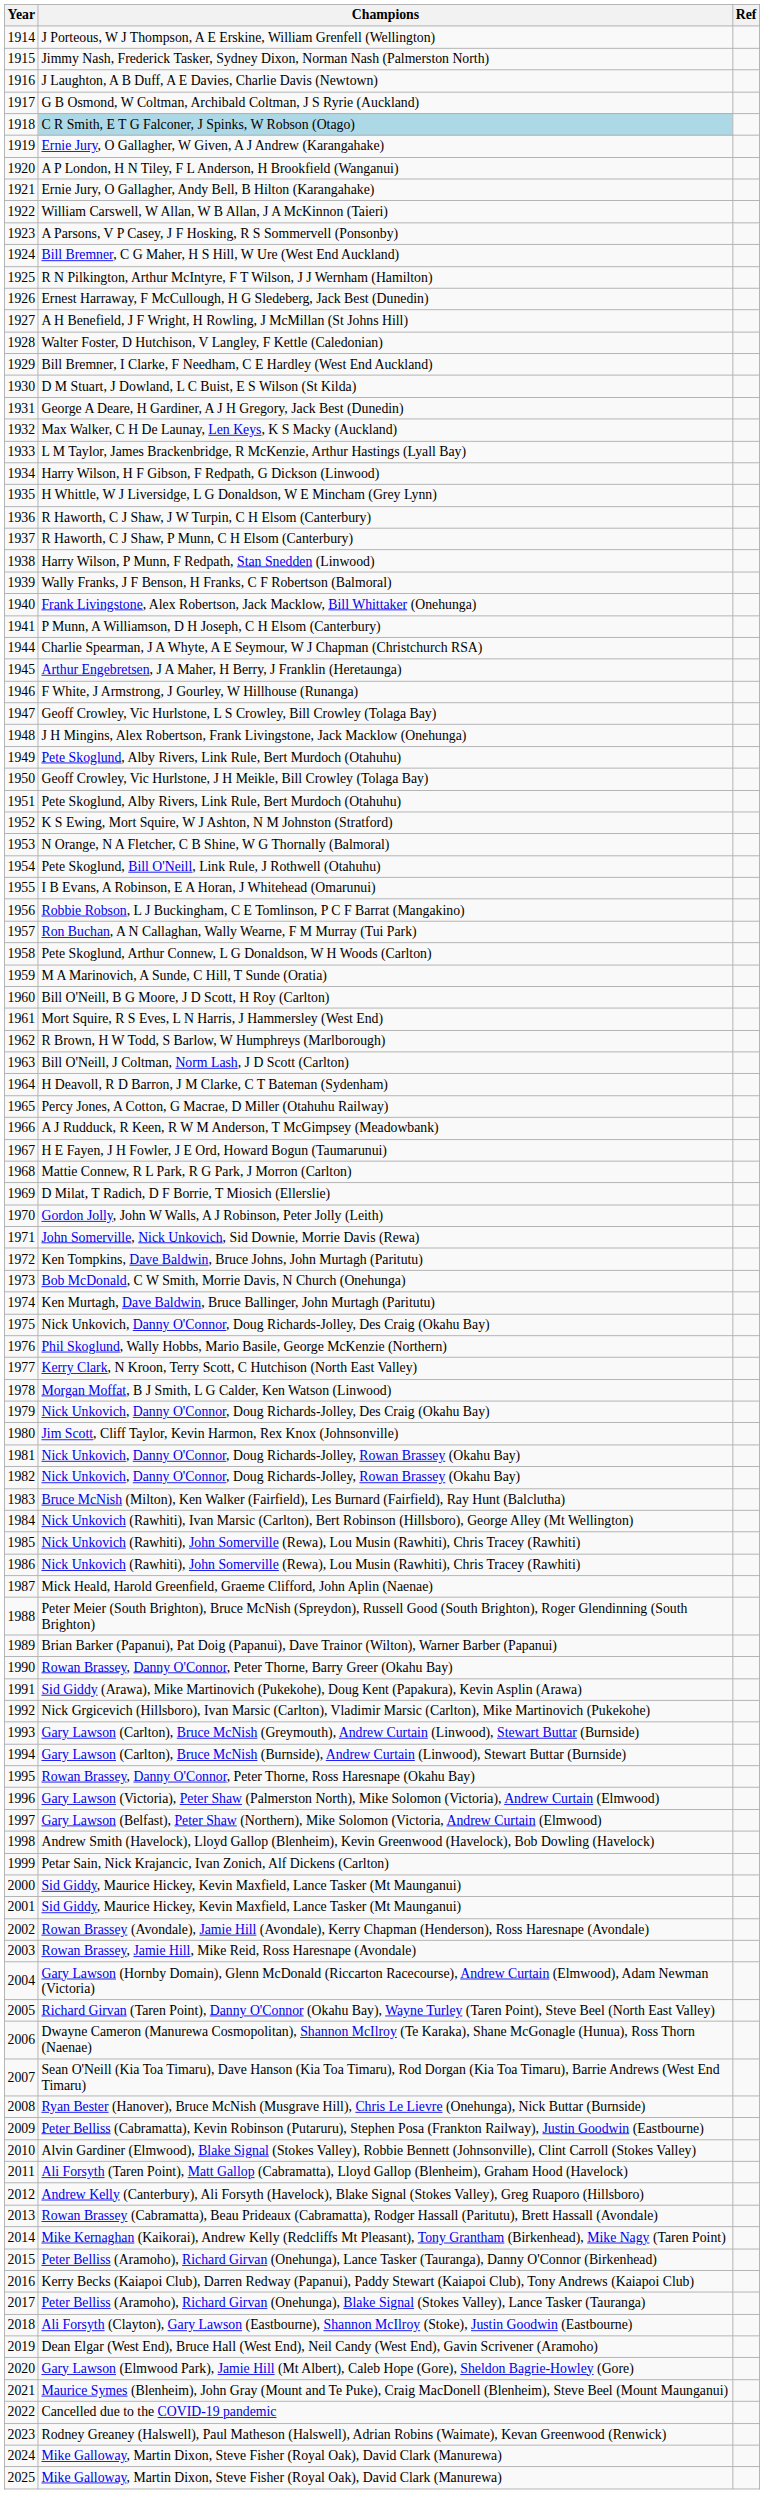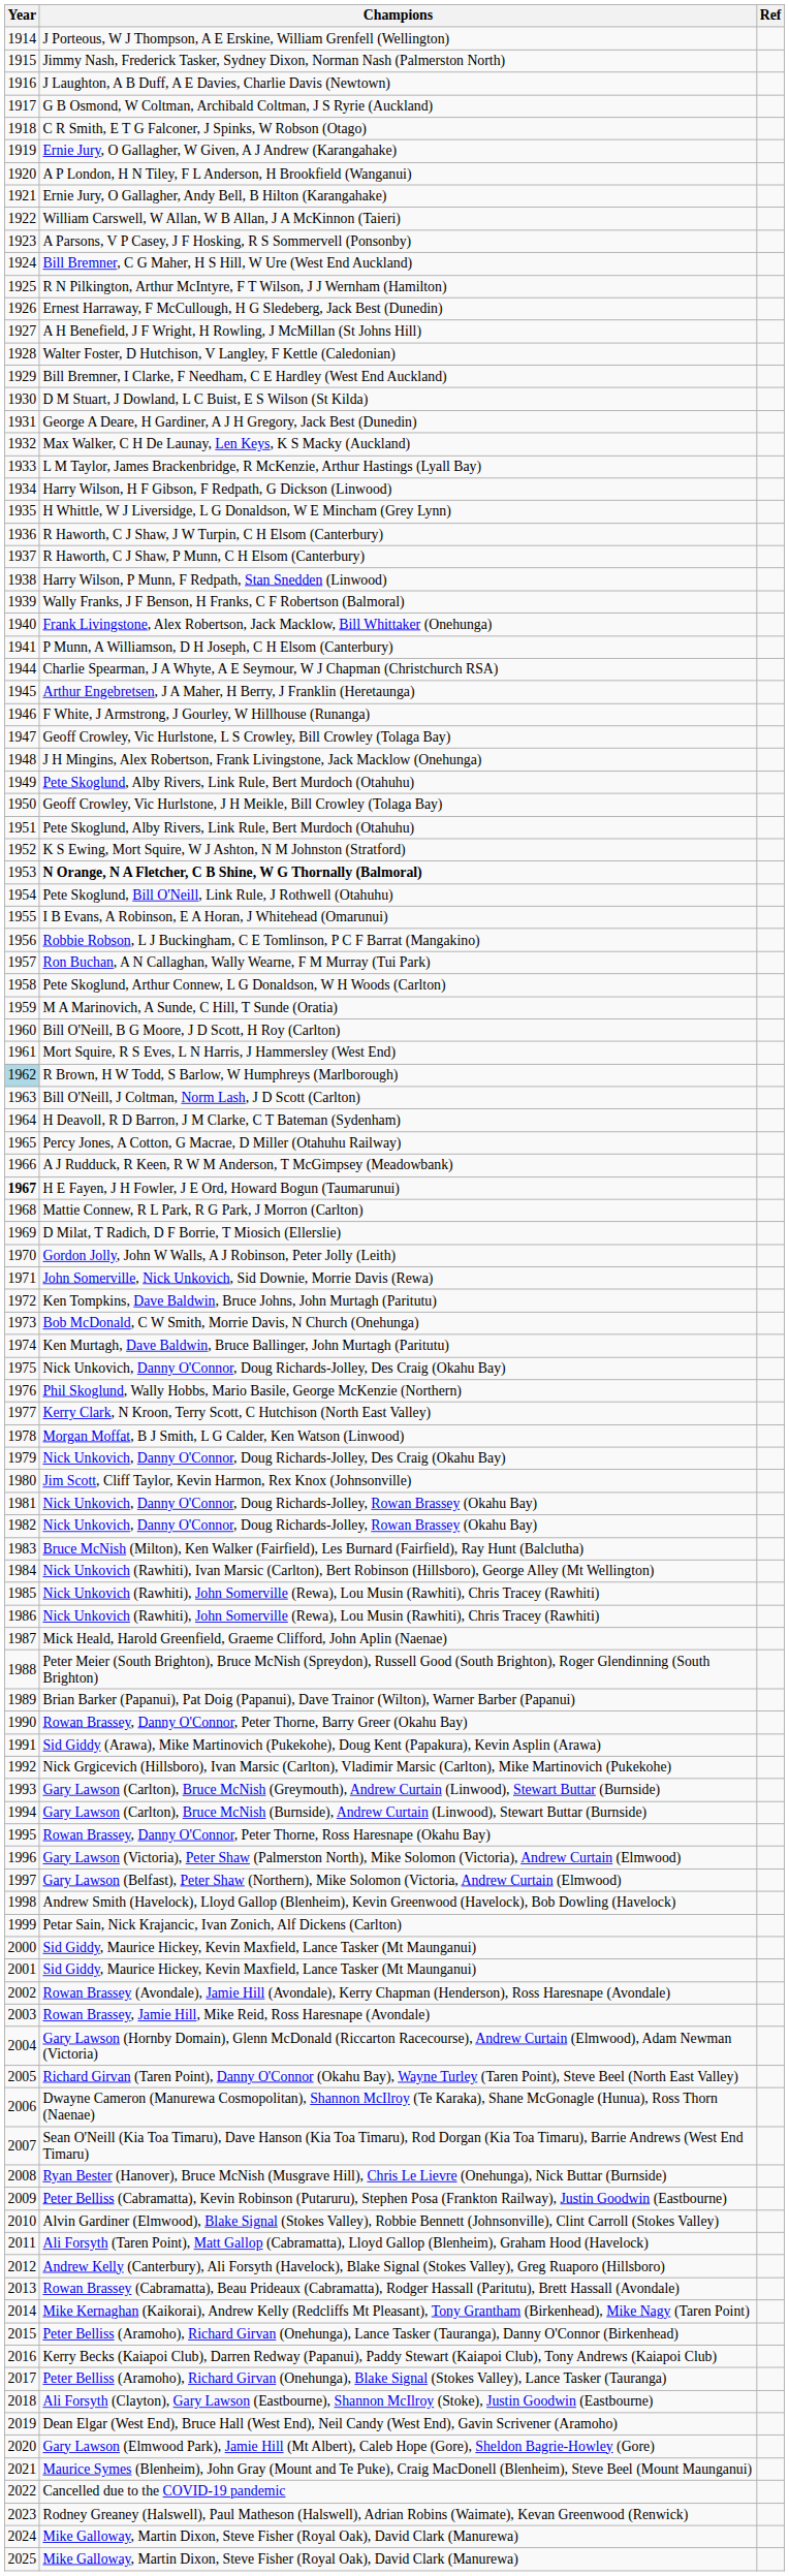 <table class="sortable wikitable">
 <tr>
 <th width="30">Year</th>
 <th width="800">Champions</th>
 <th width="20">Ref</th>
 </tr>
 <tr>
 <td align=center>1914</td>
 <td>J Porteous, W J Thompson, A E Erskine, William Grenfell (Wellington)</td>
 <td></td>
 </tr>
 <tr>
 <td align=center>1915</td>
 <td>Jimmy Nash, Frederick Tasker, Sydney Dixon, Norman Nash (Palmerston North)</td>
 <td></td>
 </tr>
 <tr>
 <td align=center>1916</td>
 <td>J Laughton, A B Duff, A E Davies, Charlie Davis (Newtown)</td>
 <td></td>
 </tr>
 <tr>
 <td align=center>1917</td>
 <td>G B Osmond, W Coltman, Archibald Coltman, J S Ryrie (Auckland)</td>
 <td></td>
 </tr>
 <tr>
 <td align=center>1918</td>
-<td style="background: lightblue;">C R Smith, E T G Falconer, J Spinks, W Robson (Otago)</td>
+<td>C R Smith, E T G Falconer, J Spinks, W Robson (Otago)</td>
 <td></td>
 </tr>
 <tr>
 <td align=center>1919</td>
 <td><a href='#'>Ernie Jury</a>, O Gallagher, W Given, A J Andrew (Karangahake)</td>
 <td></td>
 </tr>
 <tr>
 <td align=center>1920</td>
 <td>A P London, H N Tiley, F L Anderson, H Brookfield (Wanganui)</td>
 <td></td>
 </tr>
 <tr>
 <td align=center>1921</td>
 <td>Ernie Jury, O Gallagher, Andy Bell, B Hilton (Karangahake)</td>
 <td></td>
 </tr>
 <tr>
 <td align=center>1922</td>
 <td>William Carswell, W Allan, W B Allan, J A McKinnon (Taieri)</td>
 <td></td>
 </tr>
 <tr>
 <td align=center>1923</td>
 <td>A Parsons, V P Casey, J F Hosking, R S Sommervell (Ponsonby)</td>
 <td></td>
 </tr>
 <tr>
 <td align=center>1924</td>
 <td><a href='#'>Bill Bremner</a>, C G Maher, H S Hill, W Ure (West End Auckland)</td>
 <td></td>
 </tr>
 <tr>
 <td align=center>1925</td>
 <td>R N Pilkington, Arthur McIntyre, F T Wilson, J J Wernham (Hamilton)</td>
 <td></td>
 </tr>
 <tr>
 <td align=center>1926</td>
 <td>Ernest Harraway, F McCullough, H G Sledeberg, Jack Best (Dunedin)</td>
 <td></td>
 </tr>
 <tr>
 <td align=center>1927</td>
 <td>A H Benefield, J F Wright, H Rowling, J McMillan (St Johns Hill)</td>
 <td></td>
 </tr>
 <tr>
 <td align=center>1928</td>
 <td>Walter Foster, D Hutchison, V Langley, F Kettle (Caledonian)</td>
 <td></td>
 </tr>
 <tr>
 <td align=center>1929</td>
 <td>Bill Bremner, I Clarke, F Needham, C E Hardley (West End Auckland)</td>
 <td></td>
 </tr>
 <tr>
 <td align=center>1930</td>
 <td>D M Stuart, J Dowland, L C Buist, E S Wilson (St Kilda)</td>
 <td></td>
 </tr>
 <tr>
 <td align=center>1931</td>
 <td>George A Deare, H Gardiner, A J H Gregory, Jack Best (Dunedin)</td>
 <td></td>
 </tr>
 <tr>
 <td align=center>1932</td>
 <td>Max Walker, C H De Launay, <a href='#'>Len Keys</a>, K S Macky (Auckland)</td>
 <td></td>
 </tr>
 <tr>
 <td align=center>1933</td>
 <td>L M Taylor, James Brackenbridge, R McKenzie, Arthur Hastings (Lyall Bay)</td>
 <td></td>
 </tr>
 <tr>
 <td align=center>1934</td>
 <td>Harry Wilson, H F Gibson, F Redpath, G Dickson (Linwood)</td>
 <td></td>
 </tr>
 <tr>
 <td align=center>1935</td>
 <td>H Whittle, W J Liversidge, L G Donaldson, W E Mincham (Grey Lynn)</td>
 <td></td>
 </tr>
 <tr>
 <td align=center>1936</td>
 <td>R Haworth, C J Shaw, J W Turpin, C H Elsom (Canterbury)</td>
 <td></td>
 </tr>
 <tr>
 <td align=center>1937</td>
 <td>R Haworth, C J Shaw, P Munn, C H Elsom (Canterbury)</td>
 <td></td>
 </tr>
 <tr>
 <td align=center>1938</td>
 <td>Harry Wilson, P Munn, F Redpath, <a href='#'>Stan Snedden</a> (Linwood)</td>
 <td></td>
 </tr>
 <tr>
 <td align=center>1939</td>
 <td>Wally Franks, J F Benson, H Franks, C F Robertson (Balmoral)</td>
 <td></td>
 </tr>
 <tr>
 <td align=center>1940</td>
 <td><a href='#'>Frank Livingstone</a>, Alex Robertson, Jack Macklow, <a href='#'>Bill Whittaker</a> (Onehunga)</td>
 <td></td>
 </tr>
 <tr>
 <td align=center>1941</td>
 <td>P Munn, A Williamson, D H Joseph, C H Elsom (Canterbury)</td>
 <td></td>
 </tr>
 <tr>
 <td align=center>1944</td>
 <td>Charlie Spearman, J A Whyte, A E Seymour, W J Chapman (Christchurch RSA)</td>
 <td></td>
 </tr>
 <tr>
 <td align=center>1945</td>
 <td><a href='#'>Arthur Engebretsen</a>, J A Maher, H Berry, J Franklin (Heretaunga)</td>
 <td></td>
 </tr>
 <tr>
 <td align=center>1946</td>
 <td>F White, J Armstrong, J Gourley, W Hillhouse (Runanga)</td>
 <td></td>
 </tr>
 <tr>
 <td align=center>1947</td>
 <td>Geoff Crowley, Vic Hurlstone, L S Crowley, Bill Crowley (Tolaga Bay)</td>
 <td></td>
 </tr>
 <tr>
 <td align=center>1948</td>
 <td>J H Mingins, Alex Robertson, Frank Livingstone, Jack Macklow (Onehunga)</td>
 <td></td>
 </tr>
 <tr>
 <td align=center>1949</td>
 <td><a href='#'>Pete Skoglund</a>, Alby Rivers, Link Rule, Bert Murdoch (Otahuhu)</td>
 <td></td>
 </tr>
 <tr>
 <td align=center>1950</td>
 <td>Geoff Crowley, Vic Hurlstone, J H Meikle, Bill Crowley (Tolaga Bay)</td>
 <td></td>
 </tr>
 <tr>
 <td align=center>1951</td>
 <td>Pete Skoglund, Alby Rivers, Link Rule, Bert Murdoch (Otahuhu)</td>
 <td></td>
 </tr>
 <tr>
 <td align=center>1952</td>
 <td>K S Ewing, Mort Squire, W J Ashton, N M Johnston (Stratford)</td>
 <td></td>
 </tr>
 <tr>
 <td align=center>1953</td>
-<td>N Orange, N A Fletcher, C B Shine, W G Thornally (Balmoral)</td>
+<td><strong>N Orange, N A Fletcher, C B Shine, W G Thornally (Balmoral)</strong></td>
 <td></td>
 </tr>
 <tr>
 <td align=center>1954</td>
 <td>Pete Skoglund, <a href='#'>Bill O'Neill</a>, Link Rule, J Rothwell (Otahuhu)</td>
 <td></td>
 </tr>
 <tr>
 <td align=center>1955</td>
 <td>I B Evans, A Robinson, E A Horan, J Whitehead (Omarunui)</td>
 <td></td>
 </tr>
 <tr>
 <td align=center>1956</td>
 <td><a href='#'>Robbie Robson</a>, L J Buckingham, C E Tomlinson, P C F Barrat (Mangakino)</td>
 <td></td>
 </tr>
 <tr>
 <td align=center>1957</td>
 <td><a href='#'>Ron Buchan</a>, A N Callaghan, Wally Wearne, F M Murray (Tui Park)</td>
 <td></td>
 </tr>
 <tr>
 <td align=center>1958</td>
 <td>Pete Skoglund, Arthur Connew, L G Donaldson, W H Woods (Carlton)</td>
 <td></td>
 </tr>
 <tr>
 <td align=center>1959</td>
 <td>M A Marinovich, A Sunde, C Hill, T Sunde (Oratia)</td>
 <td></td>
 </tr>
 <tr>
 <td align=center>1960</td>
 <td>Bill O'Neill, B G Moore, J D Scott, H Roy (Carlton)</td>
 <td></td>
 </tr>
 <tr>
 <td align=center>1961</td>
 <td>Mort Squire, R S Eves, L N Harris, J Hammersley (West End)</td>
 <td></td>
 </tr>
 <tr>
-<td align=center>1962</td>
+<td align=center style="background: lightblue;">1962</td>
 <td>R Brown, H W Todd, S Barlow, W Humphreys (Marlborough)</td>
 <td></td>
 </tr>
 <tr>
 <td align=center>1963</td>
 <td>Bill O'Neill, J Coltman, <a href='#'>Norm Lash</a>, J D Scott (Carlton)</td>
 <td></td>
 </tr>
 <tr>
 <td align=center>1964</td>
 <td>H Deavoll, R D Barron, J M Clarke, C T Bateman (Sydenham)</td>
 <td></td>
 </tr>
 <tr>
 <td align=center>1965</td>
 <td>Percy Jones, A Cotton, G Macrae, D Miller (Otahuhu Railway)</td>
 <td></td>
 </tr>
 <tr>
 <td align=center>1966</td>
 <td>A J Rudduck, R Keen, R W M Anderson, T McGimpsey (Meadowbank)</td>
 <td></td>
 </tr>
 <tr>
-<td align=center>1967</td>
+<td align=center><strong>1967</strong></td>
 <td>H E Fayen, J H Fowler, J E Ord, Howard Bogun (Taumarunui)</td>
 <td></td>
 </tr>
 <tr>
 <td align=center>1968</td>
 <td>Mattie Connew, R L Park, R G Park, J Morron (Carlton)</td>
 <td></td>
 </tr>
 <tr>
 <td align=center>1969</td>
 <td>D Milat, T Radich, D F Borrie, T Miosich (Ellerslie)</td>
 <td></td>
 </tr>
 <tr>
 <td align=center>1970</td>
 <td><a href='#'>Gordon Jolly</a>, John W Walls, A J Robinson, Peter Jolly (Leith)</td>
 <td></td>
 </tr>
 <tr>
 <td align=center>1971</td>
 <td><a href='#'>John Somerville</a>, <a href='#'>Nick Unkovich</a>, Sid Downie, Morrie Davis (Rewa)</td>
 <td></td>
 </tr>
 <tr>
 <td align=center>1972</td>
 <td>Ken Tompkins, <a href='#'>Dave Baldwin</a>, Bruce Johns, John Murtagh (Paritutu)</td>
 <td></td>
 </tr>
 <tr>
 <td align=center>1973</td>
 <td><a href='#'>Bob McDonald</a>, C W Smith, Morrie Davis, N Church (Onehunga)</td>
 <td></td>
 </tr>
 <tr>
 <td align=center>1974</td>
 <td>Ken Murtagh, <a href='#'>Dave Baldwin</a>, Bruce Ballinger, John Murtagh (Paritutu)</td>
 <td></td>
 </tr>
 <tr>
 <td align=center>1975</td>
 <td>Nick Unkovich, <a href='#'>Danny O'Connor</a>, Doug Richards-Jolley, Des Craig (Okahu Bay)</td>
 <td></td>
 </tr>
 <tr>
 <td align=center>1976</td>
 <td><a href='#'>Phil Skoglund</a>, Wally Hobbs, Mario Basile, George McKenzie (Northern)</td>
 <td></td>
 </tr>
 <tr>
 <td align=center>1977</td>
 <td><a href='#'>Kerry Clark</a>, N Kroon, Terry Scott, C Hutchison (North East Valley)</td>
 <td></td>
 </tr>
 <tr>
 <td align=center>1978</td>
 <td><a href='#'>Morgan Moffat</a>, B J Smith, L G Calder, Ken Watson (Linwood)</td>
 <td></td>
 </tr>
 <tr>
 <td align=center>1979</td>
 <td><a href='#'>Nick Unkovich</a>, <a href='#'>Danny O'Connor</a>, Doug Richards-Jolley, Des Craig (Okahu Bay)</td>
 <td></td>
 </tr>
 <tr>
 <td align=center>1980</td>
 <td><a href='#'>Jim Scott</a>, Cliff Taylor, Kevin Harmon, Rex Knox (Johnsonville)</td>
 <td></td>
 </tr>
 <tr>
 <td align=center>1981</td>
 <td><a href='#'>Nick Unkovich</a>, <a href='#'>Danny O'Connor</a>, Doug Richards-Jolley, <a href='#'>Rowan Brassey</a> (Okahu Bay)</td>
 <td></td>
 </tr>
 <tr>
 <td align=center>1982</td>
 <td><a href='#'>Nick Unkovich</a>, <a href='#'>Danny O'Connor</a>, Doug Richards-Jolley, <a href='#'>Rowan Brassey</a> (Okahu Bay)</td>
 <td></td>
 </tr>
 <tr>
 <td align=center>1983</td>
 <td><a href='#'>Bruce McNish</a> (Milton), Ken Walker (Fairfield), Les Burnard (Fairfield), Ray Hunt (Balclutha)</td>
 <td></td>
 </tr>
 <tr>
 <td align=center>1984</td>
 <td><a href='#'>Nick Unkovich</a> (Rawhiti), Ivan Marsic (Carlton), Bert Robinson (Hillsboro), George Alley (Mt Wellington)</td>
 <td></td>
 </tr>
 <tr>
 <td align=center>1985</td>
 <td><a href='#'>Nick Unkovich</a> (Rawhiti), <a href='#'>John Somerville</a> (Rewa), Lou Musin (Rawhiti), Chris Tracey (Rawhiti)</td>
 <td></td>
 </tr>
 <tr>
 <td align=center>1986</td>
 <td><a href='#'>Nick Unkovich</a> (Rawhiti), <a href='#'>John Somerville</a> (Rewa), Lou Musin (Rawhiti), Chris Tracey (Rawhiti)</td>
 <td></td>
 </tr>
 <tr>
 <td align=center>1987</td>
 <td>Mick Heald, Harold Greenfield, Graeme Clifford, John Aplin (Naenae)</td>
 <td></td>
 </tr>
 <tr>
 <td align=center>1988</td>
 <td>Peter Meier (South Brighton), Bruce McNish (Spreydon), Russell Good (South Brighton), Roger Glendinning (South Brighton)</td>
 <td></td>
 </tr>
 <tr>
 <td align=center>1989</td>
 <td>Brian Barker (Papanui), Pat Doig (Papanui), Dave Trainor (Wilton), Warner Barber (Papanui)</td>
 <td></td>
 </tr>
 <tr>
 <td align=center>1990</td>
 <td><a href='#'>Rowan Brassey</a>, <a href='#'>Danny O'Connor</a>, Peter Thorne, Barry Greer (Okahu Bay)</td>
 <td></td>
 </tr>
 <tr>
 <td align=center>1991</td>
 <td><a href='#'>Sid Giddy</a> (Arawa), Mike Martinovich (Pukekohe), Doug Kent (Papakura), Kevin Asplin (Arawa)</td>
 <td></td>
 </tr>
 <tr>
 <td align=center>1992</td>
 <td>Nick Grgicevich (Hillsboro), Ivan Marsic (Carlton), Vladimir Marsic (Carlton), Mike Martinovich (Pukekohe)</td>
 <td></td>
 </tr>
 <tr>
 <td align=center>1993</td>
 <td><a href='#'>Gary Lawson</a> (Carlton), <a href='#'>Bruce McNish</a> (Greymouth), <a href='#'>Andrew Curtain</a> (Linwood), <a href='#'>Stewart Buttar</a> (Burnside)</td>
 <td></td>
 </tr>
 <tr>
 <td align=center>1994</td>
 <td><a href='#'>Gary Lawson</a> (Carlton), <a href='#'>Bruce McNish</a> (Burnside), <a href='#'>Andrew Curtain</a> (Linwood), Stewart Buttar (Burnside)</td>
 <td></td>
 </tr>
 <tr>
 <td align=center>1995</td>
 <td><a href='#'>Rowan Brassey</a>, <a href='#'>Danny O'Connor</a>, Peter Thorne, Ross Haresnape (Okahu Bay)</td>
 <td></td>
 </tr>
 <tr>
 <td align=center>1996</td>
 <td><a href='#'>Gary Lawson</a> (Victoria), <a href='#'>Peter Shaw</a> (Palmerston North), Mike Solomon (Victoria), <a href='#'>Andrew Curtain</a> (Elmwood)</td>
 <td></td>
 </tr>
 <tr>
 <td align=center>1997</td>
 <td><a href='#'>Gary Lawson</a> (Belfast), <a href='#'>Peter Shaw</a> (Northern), Mike Solomon (Victoria, <a href='#'>Andrew Curtain</a> (Elmwood)</td>
 <td></td>
 </tr>
 <tr>
 <td align=center>1998</td>
 <td>Andrew Smith (Havelock), Lloyd Gallop (Blenheim), Kevin Greenwood (Havelock), Bob Dowling (Havelock)</td>
 <td></td>
 </tr>
 <tr>
 <td align=center>1999</td>
 <td>Petar Sain, Nick Krajancic, Ivan Zonich, Alf Dickens (Carlton)</td>
 <td></td>
 </tr>
 <tr>
 <td align=center>2000</td>
 <td><a href='#'>Sid Giddy</a>, Maurice Hickey, Kevin Maxfield, Lance Tasker (Mt Maunganui)</td>
 <td></td>
 </tr>
 <tr>
 <td align=center>2001</td>
 <td><a href='#'>Sid Giddy</a>, Maurice Hickey, Kevin Maxfield, Lance Tasker (Mt Maunganui)</td>
 <td></td>
 </tr>
 <tr>
 <td align=center>2002</td>
 <td><a href='#'>Rowan Brassey</a> (Avondale), <a href='#'>Jamie Hill</a> (Avondale), Kerry Chapman (Henderson), Ross Haresnape (Avondale)</td>
 <td></td>
 </tr>
 <tr>
 <td align=center>2003</td>
 <td><a href='#'>Rowan Brassey</a>, <a href='#'>Jamie Hill</a>, Mike Reid, Ross Haresnape (Avondale)</td>
 <td></td>
 </tr>
 <tr>
 <td align=center>2004</td>
 <td><a href='#'>Gary Lawson</a> (Hornby Domain), Glenn McDonald (Riccarton Racecourse), <a href='#'>Andrew Curtain</a> (Elmwood), Adam Newman (Victoria)</td>
 <td></td>
 </tr>
 <tr>
 <td align=center>2005</td>
 <td><a href='#'>Richard Girvan</a> (Taren Point), <a href='#'>Danny O'Connor</a> (Okahu Bay), <a href='#'>Wayne Turley</a> (Taren Point), Steve Beel (North East Valley)</td>
 <td></td>
 </tr>
 <tr>
 <td align=center>2006</td>
 <td>Dwayne Cameron (Manurewa Cosmopolitan), <a href='#'>Shannon McIlroy</a> (Te Karaka), Shane McGonagle (Hunua), Ross Thorn (Naenae)</td>
 <td></td>
 </tr>
 <tr>
 <td align=center>2007</td>
 <td>Sean O'Neill (Kia Toa Timaru), Dave Hanson (Kia Toa Timaru), Rod Dorgan (Kia Toa Timaru), Barrie Andrews (West End Timaru)</td>
 <td></td>
 </tr>
 <tr>
 <td align=center>2008</td>
 <td><a href='#'>Ryan Bester</a> (Hanover), Bruce McNish (Musgrave Hill), <a href='#'>Chris Le Lievre</a> (Onehunga), Nick Buttar (Burnside)</td>
 <td></td>
 </tr>
 <tr>
 <td align=center>2009</td>
 <td><a href='#'>Peter Belliss</a> (Cabramatta), Kevin Robinson (Putaruru), Stephen Posa (Frankton Railway), <a href='#'>Justin Goodwin</a> (Eastbourne)</td>
 <td></td>
 </tr>
 <tr>
 <td align=center>2010</td>
 <td>Alvin Gardiner (Elmwood), <a href='#'>Blake Signal</a> (Stokes Valley), Robbie Bennett (Johnsonville), Clint Carroll (Stokes Valley)</td>
 <td></td>
 </tr>
 <tr>
 <td align=center>2011</td>
 <td><a href='#'>Ali Forsyth</a> (Taren Point), <a href='#'>Matt Gallop</a> (Cabramatta), Lloyd Gallop (Blenheim), Graham Hood (Havelock)</td>
 <td></td>
 </tr>
 <tr>
 <td align=center>2012</td>
 <td><a href='#'>Andrew Kelly</a> (Canterbury), Ali Forsyth (Havelock), Blake Signal (Stokes Valley), Greg Ruaporo (Hillsboro)</td>
 <td></td>
 </tr>
 <tr>
 <td align=center>2013</td>
 <td><a href='#'>Rowan Brassey</a> (Cabramatta), Beau Prideaux (Cabramatta), Rodger Hassall (Paritutu), Brett Hassall (Avondale)</td>
 <td></td>
 </tr>
 <tr>
 <td align=center>2014</td>
 <td><a href='#'>Mike Kernaghan</a> (Kaikorai), Andrew Kelly (Redcliffs Mt Pleasant), <a href='#'>Tony Grantham</a> (Birkenhead), <a href='#'>Mike Nagy</a> (Taren Point)</td>
 <td></td>
 </tr>
 <tr>
 <td align=center>2015</td>
 <td><a href='#'>Peter Belliss</a> (Aramoho), <a href='#'>Richard Girvan</a> (Onehunga), Lance Tasker (Tauranga), Danny O'Connor (Birkenhead)</td>
 <td></td>
 </tr>
 <tr>
 <td align=center>2016</td>
 <td>Kerry Becks (Kaiapoi Club), Darren Redway (Papanui), Paddy Stewart (Kaiapoi Club), Tony Andrews (Kaiapoi Club)</td>
 <td></td>
 </tr>
 <tr>
 <td align=center>2017</td>
 <td><a href='#'>Peter Belliss</a> (Aramoho), <a href='#'>Richard Girvan</a> (Onehunga), <a href='#'>Blake Signal</a> (Stokes Valley), Lance Tasker (Tauranga)</td>
 <td></td>
 </tr>
 <tr>
 <td align=center>2018</td>
 <td><a href='#'>Ali Forsyth</a> (Clayton), <a href='#'>Gary Lawson</a> (Eastbourne), <a href='#'>Shannon McIlroy</a> (Stoke), <a href='#'>Justin Goodwin</a> (Eastbourne)</td>
 <td></td>
 </tr>
 <tr>
 <td align=center>2019</td>
 <td>Dean Elgar (West End), Bruce Hall (West End), Neil Candy (West End), Gavin Scrivener (Aramoho)</td>
 <td></td>
 </tr>
 <tr>
 <td align=center>2020</td>
 <td><a href='#'>Gary Lawson</a> (Elmwood Park), <a href='#'>Jamie Hill</a> (Mt Albert), Caleb Hope (Gore), <a href='#'>Sheldon Bagrie-Howley</a> (Gore)</td>
 <td></td>
 </tr>
 <tr>
 <td align=center>2021</td>
 <td><a href='#'>Maurice Symes</a> (Blenheim), John Gray (Mount and Te Puke), Craig MacDonell (Blenheim), Steve Beel (Mount Maunganui)</td>
 <td></td>
 </tr>
 <tr>
 <td align=center>2022</td>
 <td>Cancelled due to the <a href='#'>COVID-19 pandemic</a></td>
 <td></td>
 </tr>
 <tr>
 <td align=center>2023</td>
 <td>Rodney Greaney (Halswell), Paul Matheson (Halswell), Adrian Robins (Waimate), Kevan Greenwood (Renwick)</td>
 <td></td>
 </tr>
 <tr>
 <td align=center>2024</td>
 <td><a href='#'>Mike Galloway</a>, Martin Dixon, Steve Fisher (Royal Oak), David Clark (Manurewa)</td>
 <td></td>
 </tr>
 <tr>
 <td align=center>2025</td>
 <td><a href='#'>Mike Galloway</a>, Martin Dixon, Steve Fisher (Royal Oak), David Clark (Manurewa)</td>
 <td></td>
 </tr>
 </table>
